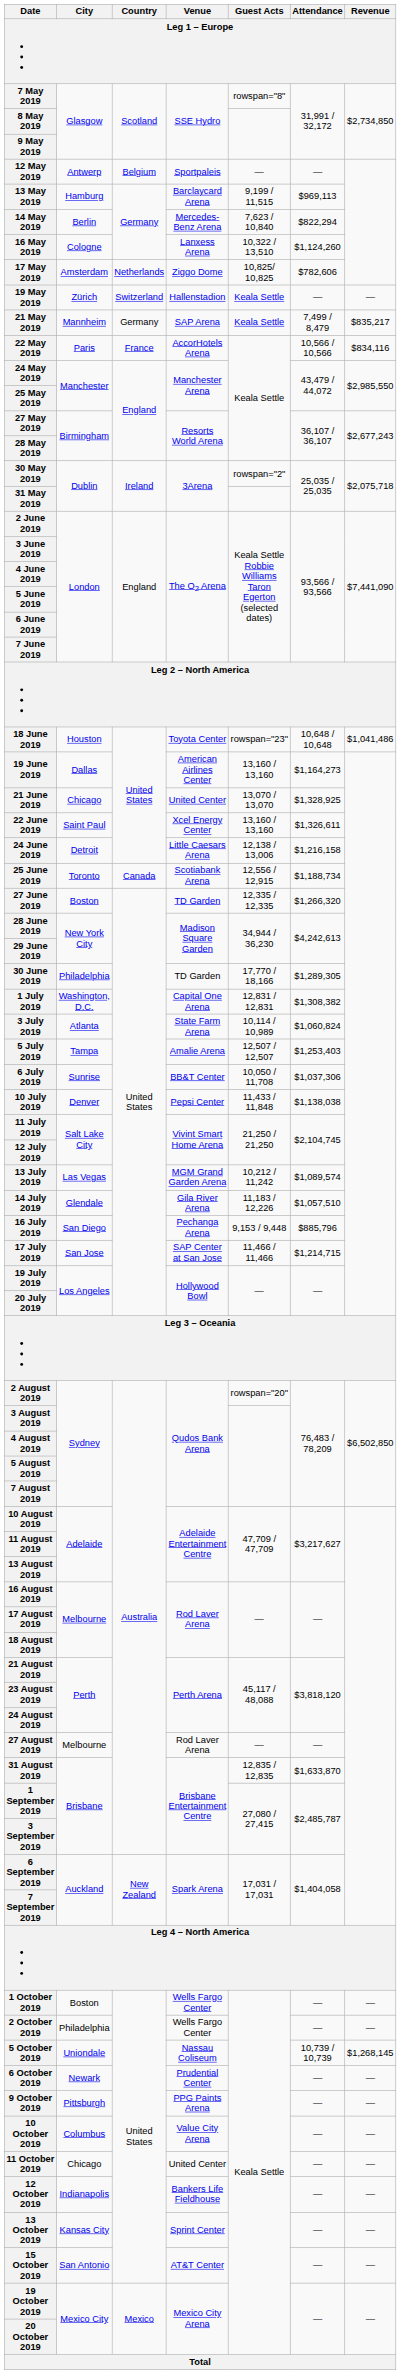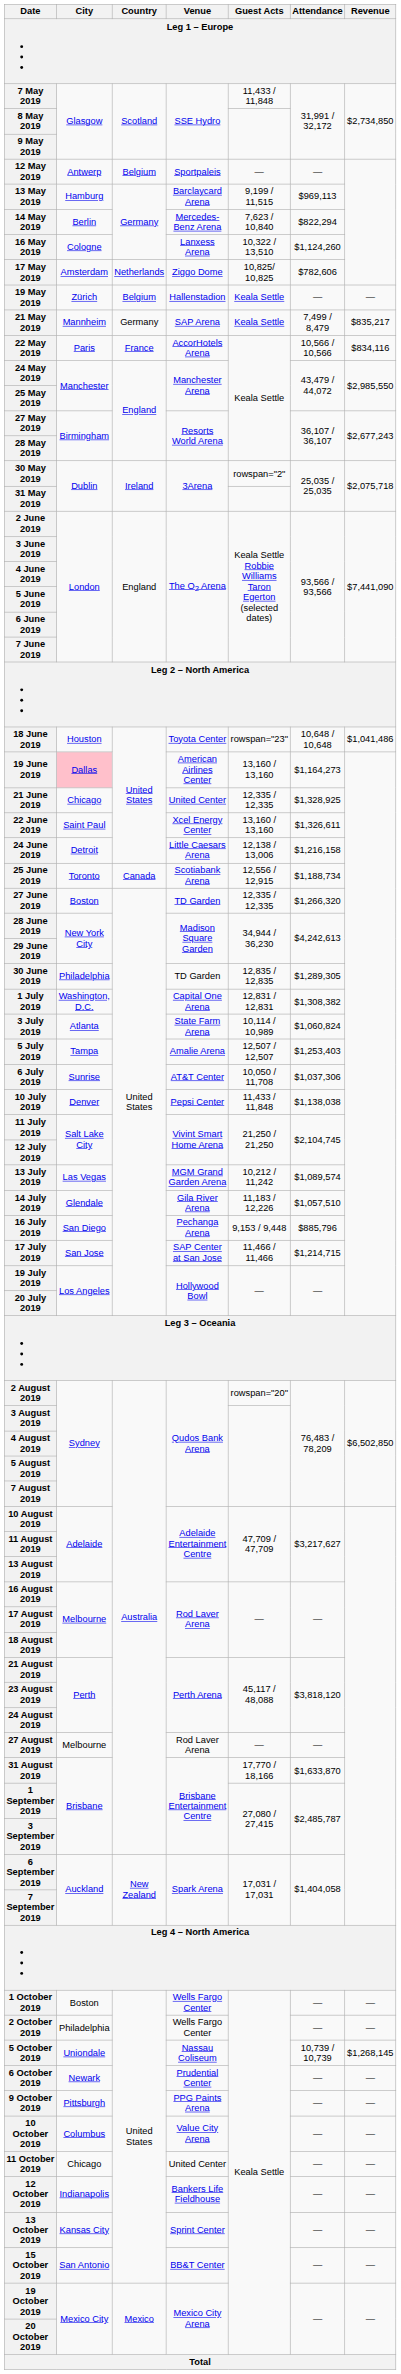 <table class="wikitable plainrowheaders" style="text-align:center;">
 <tr>
 <th scope="col" style="width:12em;">Date</th>
 <th scope="col" style="width:10em;">City</th>
 <th scope="col" style="width:10em;">Country</th>
 <th scope="col" style="width:16em;">Venue</th>
 <th scope="col" style="width:10em;">Guest Acts</th>
 <th scope="col" style="width:10em;">Attendance</th>
 <th scope="col" style="width:10em;">Revenue</th>
 </tr>
 <tr>
 <th colspan="7">Leg 1 – Europe<br><ul><li></li><li></li><li></li></ul></th>
 </tr>
 <tr>
 <th scope="row" style="text-align:center;">7 May 2019</th>
 <td rowspan="3"><a href='#'>Glasgow</a></td>
 <td rowspan="3"><a href='#'>Scotland</a></td>
 <td rowspan="3"><a href='#'>SSE Hydro</a></td>
-<td>rowspan="8" </td>
+<td>11,433 / 11,848</td>
 <td rowspan="3">31,991 / 32,172</td>
 <td rowspan="3">$2,734,850</td>
 </tr>
 <tr>
 <th scope="row" style="text-align:center;">8 May 2019</th>
 </tr>
 <tr>
 <th scope="row" style="text-align:center;">9 May 2019</th>
 </tr>
 <tr>
 <th scope="row" style="text-align:center;">12 May 2019</th>
 <td><a href='#'>Antwerp</a></td>
 <td><a href='#'>Belgium</a></td>
 <td><a href='#'>Sportpaleis</a></td>
 <td>—</td>
 <td>—</td>
 </tr>
 <tr>
 <th scope="row" style="text-align:center;">13 May 2019</th>
 <td><a href='#'>Hamburg</a></td>
 <td rowspan="3"><a href='#'>Germany</a></td>
 <td><a href='#'>Barclaycard Arena</a></td>
 <td>9,199 / 11,515</td>
 <td>$969,113</td>
 </tr>
 <tr>
 <th scope="row" style="text-align:center;">14 May 2019</th>
 <td><a href='#'>Berlin</a></td>
 <td><a href='#'>Mercedes-Benz Arena</a></td>
 <td>7,623 / 10,840</td>
 <td>$822,294</td>
 </tr>
 <tr>
 <th scope="row" style="text-align:center;">16 May 2019</th>
 <td><a href='#'>Cologne</a></td>
 <td><a href='#'>Lanxess Arena</a></td>
 <td>10,322 / 13,510</td>
 <td>$1,124,260</td>
 </tr>
 <tr>
 <th scope="row" style="text-align:center;">17 May 2019</th>
 <td><a href='#'>Amsterdam</a></td>
 <td><a href='#'>Netherlands</a></td>
 <td><a href='#'>Ziggo Dome</a></td>
 <td>10,825/ 10,825</td>
 <td>$782,606</td>
 </tr>
 <tr>
 <th scope="row" style="text-align:center;">19 May 2019</th>
 <td><a href='#'>Zürich</a></td>
-<td><a href='#'>Switzerland</a></td>
+<td><a href='#'>Belgium</a></td>
 <td><a href='#'>Hallenstadion</a></td>
 <td><a href='#'>Keala Settle</a></td>
 <td>—</td>
 <td>—</td>
 </tr>
 <tr>
 <th scope="row" style="text-align:center;">21 May 2019</th>
 <td><a href='#'>Mannheim</a></td>
 <td>Germany</td>
 <td><a href='#'>SAP Arena</a></td>
 <td><a href='#'>Keala Settle</a></td>
 <td>7,499 / 8,479</td>
 <td>$835,217</td>
 </tr>
 <tr>
 <th scope="row" style="text-align:center;">22 May 2019</th>
 <td><a href='#'>Paris</a></td>
 <td><a href='#'>France</a></td>
 <td><a href='#'>AccorHotels Arena</a></td>
 <td rowspan="5">Keala Settle</td>
 <td>10,566 / 10,566</td>
 <td>$834,116</td>
 </tr>
 <tr>
 <th scope="row" style="text-align:center;">24 May 2019</th>
 <td rowspan="2"><a href='#'>Manchester</a></td>
 <td rowspan="4"><a href='#'>England</a></td>
 <td rowspan="2"><a href='#'>Manchester Arena</a></td>
 <td rowspan="2">43,479 / 44,072</td>
 <td rowspan="2">$2,985,550</td>
 </tr>
 <tr>
 <th scope="row" style="text-align:center;">25 May 2019</th>
 </tr>
 <tr>
 <th scope="row" style="text-align:center;">27 May 2019</th>
 <td rowspan="2"><a href='#'>Birmingham</a></td>
 <td rowspan="2"><a href='#'>Resorts World Arena</a></td>
 <td rowspan="2">36,107 / 36,107</td>
 <td rowspan="2">$2,677,243</td>
 </tr>
 <tr>
 <th scope="row" style="text-align:center;">28 May 2019</th>
 </tr>
 <tr>
 <th scope="row" style="text-align:center;">30 May 2019</th>
 <td rowspan="2"><a href='#'>Dublin</a></td>
 <td rowspan="2"><a href='#'>Ireland</a></td>
 <td rowspan="2"><a href='#'>3Arena</a></td>
 <td>rowspan="2" </td>
 <td rowspan="2">25,035 / 25,035</td>
 <td rowspan="2">$2,075,718</td>
 </tr>
 <tr>
 <th scope="row" style="text-align:center;">31 May 2019</th>
 </tr>
 <tr>
 <th scope="row" style="text-align:center;">2 June 2019</th>
 <td rowspan="6"><a href='#'>London</a></td>
 <td rowspan="6">England</td>
 <td rowspan="6"><a href='#'>The O<sub>2</sub> Arena</a></td>
 <td rowspan="6">Keala Settle<br><a href='#'>Robbie Williams</a><br><a href='#'>Taron Egerton</a><br> (selected dates)</td>
 <td rowspan="6">93,566 / 93,566</td>
 <td rowspan="6">$7,441,090</td>
 </tr>
 <tr>
 <th scope="row" style="text-align:center;">3 June 2019</th>
 </tr>
 <tr>
 <th scope="row" style="text-align:center;">4 June 2019</th>
 </tr>
 <tr>
 <th scope="row" style="text-align:center;">5 June 2019</th>
 </tr>
 <tr>
 <th scope="row" style="text-align:center;">6 June 2019</th>
 </tr>
 <tr>
 <th scope="row" style="text-align:center;">7 June 2019</th>
 </tr>
 <tr>
 <th colspan="7">Leg 2 – North America<br><ul><li></li><li></li><li></li></ul></th>
 </tr>
 <tr>
 <th scope="row" style="text-align:center;">18 June 2019</th>
 <td><a href='#'>Houston</a></td>
 <td rowspan="5"><a href='#'>United States</a></td>
 <td><a href='#'>Toyota Center</a></td>
 <td>rowspan="23" </td>
 <td>10,648 / 10,648</td>
 <td>$1,041,486</td>
 </tr>
 <tr>
 <th scope="row" style="text-align:center;">19 June 2019</th>
-<td><a href='#'>Dallas</a></td>
+<td style="background: pink;"><a href='#'>Dallas</a></td>
 <td><a href='#'>American Airlines Center</a></td>
 <td>13,160 / 13,160</td>
 <td>$1,164,273</td>
 </tr>
 <tr>
 <th scope="row" style="text-align:center;">21 June 2019</th>
 <td><a href='#'>Chicago</a></td>
 <td><a href='#'>United Center</a></td>
-<td>13,070 / 13,070</td>
+<td>12,335 / 12,335</td>
 <td>$1,328,925</td>
 </tr>
 <tr>
 <th scope="row" style="text-align:center;">22 June 2019</th>
 <td><a href='#'>Saint Paul</a></td>
 <td><a href='#'>Xcel Energy Center</a></td>
 <td>13,160 / 13,160</td>
 <td>$1,326,611</td>
 </tr>
 <tr>
 <th scope="row" style="text-align:center;">24 June 2019</th>
 <td><a href='#'>Detroit</a></td>
 <td><a href='#'>Little Caesars Arena</a></td>
 <td>12,138 / 13,006</td>
 <td>$1,216,158</td>
 </tr>
 <tr>
 <th scope="row" style="text-align:center;">25 June 2019</th>
 <td><a href='#'>Toronto</a></td>
 <td><a href='#'>Canada</a></td>
 <td><a href='#'>Scotiabank Arena</a></td>
 <td>12,556 / 12,915</td>
 <td>$1,188,734</td>
 </tr>
 <tr>
 <th scope="row" style="text-align:center;">27 June 2019</th>
 <td><a href='#'>Boston</a></td>
 <td rowspan="17">United States</td>
 <td><a href='#'>TD Garden</a></td>
 <td>12,335 / 12,335</td>
 <td>$1,266,320</td>
 </tr>
 <tr>
 <th scope="row" style="text-align:center;">28 June 2019</th>
 <td rowspan="2"><a href='#'>New York City</a></td>
 <td rowspan="2"><a href='#'>Madison Square Garden</a></td>
 <td rowspan="2">34,944 / 36,230</td>
 <td rowspan="2">$4,242,613</td>
 </tr>
 <tr>
 <th scope="row" style="text-align:center;">29 June 2019</th>
 </tr>
 <tr>
 <th scope="row" style="text-align:center;">30 June 2019</th>
 <td><a href='#'>Philadelphia</a></td>
 <td>TD Garden</td>
-<td rowspan="1">17,770 / 18,166</td>
+<td>12,835 / 12,835</td>
 <td>$1,289,305</td>
 </tr>
 <tr>
 <th scope="row" style="text-align:center;">1 July 2019</th>
 <td><a href='#'>Washington, D.C.</a></td>
 <td><a href='#'>Capital One Arena</a></td>
 <td>12,831 / 12,831</td>
 <td>$1,308,382</td>
 </tr>
 <tr>
 <th scope="row" style="text-align:center;">3 July 2019</th>
 <td><a href='#'>Atlanta</a></td>
 <td><a href='#'>State Farm Arena</a></td>
 <td>10,114 / 10,989</td>
 <td>$1,060,824</td>
 </tr>
 <tr>
 <th scope="row" style="text-align:center;">5 July 2019</th>
 <td><a href='#'>Tampa</a></td>
 <td><a href='#'>Amalie Arena</a></td>
 <td>12,507 / 12,507</td>
 <td>$1,253,403</td>
 </tr>
 <tr>
 <th scope="row" style="text-align:center;">6 July 2019</th>
 <td><a href='#'>Sunrise</a></td>
-<td><a href='#'>BB&T Center</a></td>
+<td><a href='#'>AT&T Center</a></td>
 <td>10,050 / 11,708</td>
 <td>$1,037,306</td>
 </tr>
 <tr>
 <th scope="row" style="text-align:center;">10 July 2019</th>
 <td><a href='#'>Denver</a></td>
 <td><a href='#'>Pepsi Center</a></td>
 <td>11,433 / 11,848</td>
 <td>$1,138,038</td>
 </tr>
 <tr>
 <th scope="row" style="text-align:center;">11 July 2019</th>
 <td rowspan="2"><a href='#'>Salt Lake City</a></td>
 <td rowspan="2"><a href='#'>Vivint Smart Home Arena</a></td>
 <td rowspan="2">21,250 / 21,250</td>
 <td rowspan="2">$2,104,745</td>
 </tr>
 <tr>
 <th scope="row" style="text-align:center;">12 July 2019</th>
 </tr>
 <tr>
 <th scope="row" style="text-align:center;">13 July 2019</th>
 <td><a href='#'>Las Vegas</a></td>
 <td><a href='#'>MGM Grand Garden Arena</a></td>
 <td>10,212 / 11,242</td>
 <td>$1,089,574</td>
 </tr>
 <tr>
 <th scope="row" style="text-align:center;">14 July 2019</th>
 <td><a href='#'>Glendale</a></td>
 <td><a href='#'>Gila River Arena</a></td>
 <td>11,183 / 12,226</td>
 <td>$1,057,510</td>
 </tr>
 <tr>
 <th scope="row" style="text-align:center;">16 July 2019</th>
 <td><a href='#'>San Diego</a></td>
 <td><a href='#'>Pechanga Arena</a></td>
 <td>9,153 / 9,448</td>
 <td>$885,796</td>
 </tr>
 <tr>
 <th scope="row" style="text-align:center;">17 July 2019</th>
 <td><a href='#'>San Jose</a></td>
 <td><a href='#'>SAP Center at San Jose</a></td>
 <td>11,466 / 11,466</td>
 <td>$1,214,715</td>
 </tr>
 <tr>
 <th scope="row" style="text-align:center;">19 July 2019</th>
 <td rowspan="2"><a href='#'>Los Angeles</a></td>
 <td rowspan="2"><a href='#'>Hollywood Bowl</a></td>
 <td rowspan="2">—</td>
 <td rowspan="2">—</td>
 </tr>
 <tr>
 <th scope="row" style="text-align:center;">20 July 2019</th>
 </tr>
 <tr>
 <th colspan="7">Leg 3 – Oceania<br><ul><li></li><li></li><li></li></ul></th>
 </tr>
 <tr>
 <th scope="row" style="text-align:center;">2 August 2019</th>
 <td rowspan="5"><a href='#'>Sydney</a></td>
 <td rowspan="18"><a href='#'>Australia</a></td>
 <td rowspan="5"><a href='#'>Qudos Bank Arena</a></td>
 <td>rowspan="20" </td>
 <td rowspan="5">76,483 / 78,209</td>
 <td rowspan="5">$6,502,850</td>
 </tr>
 <tr>
 <th scope="row" style="text-align:center;">3 August 2019 </th>
 </tr>
 <tr>
 <th scope="row" style="text-align:center;">4 August 2019</th>
 </tr>
 <tr>
 <th scope="row" style="text-align:center;">5 August 2019</th>
 </tr>
 <tr>
 <th scope="row" style="text-align:center;">7 August 2019</th>
 </tr>
 <tr>
 <th scope="row" style="text-align:center;">10 August 2019  </th>
 <td rowspan="3"><a href='#'>Adelaide</a></td>
 <td rowspan="3"><a href='#'>Adelaide Entertainment Centre</a></td>
 <td rowspan="3">47,709 /  47,709</td>
 <td rowspan="3">$3,217,627</td>
 </tr>
 <tr>
 <th scope="row" style="text-align:center;">11 August 2019 </th>
 </tr>
 <tr>
 <th scope="row" style="text-align:center;">13 August 2019</th>
 </tr>
 <tr>
 <th scope="row" style="text-align:center;">16 August 2019</th>
 <td rowspan="3"><a href='#'>Melbourne</a></td>
 <td rowspan="3"><a href='#'>Rod Laver Arena</a></td>
 <td rowspan="3">—</td>
 <td rowspan="3">—</td>
 </tr>
 <tr>
 <th scope="row" style="text-align:center;">17 August 2019 </th>
 </tr>
 <tr>
 <th scope="row" style="text-align:center;">18 August 2019 </th>
 </tr>
 <tr>
 <th scope="row" style="text-align:center;">21 August 2019</th>
 <td rowspan="3"><a href='#'>Perth</a></td>
 <td rowspan="3"><a href='#'>Perth Arena</a></td>
 <td rowspan="3">45,117 / 48,088</td>
 <td rowspan="3">$3,818,120</td>
 </tr>
 <tr>
 <th scope="row" style="text-align:center;">23 August 2019</th>
 </tr>
 <tr>
 <th scope="row" style="text-align:center;">24 August 2019 </th>
 </tr>
 <tr>
 <th scope="row" style="text-align:center;">27 August 2019</th>
 <td rowspan="1">Melbourne</td>
 <td rowspan="1">Rod Laver Arena</td>
 <td rowspan="1">—</td>
 <td rowspan="1">—</td>
 </tr>
 <tr>
 <th scope="row" style="text-align:center;">31 August 2019 </th>
 <td rowspan="3"><a href='#'>Brisbane</a></td>
 <td rowspan="3"><a href='#'>Brisbane Entertainment Centre</a></td>
-<td>12,835 / 12,835</td>
+<td rowspan="1">17,770 / 18,166</td>
 <td rowspan="1">$1,633,870</td>
 </tr>
 <tr>
 <th scope="row" style="text-align:center;">1 September 2019 </th>
 <td rowspan="2">27,080 / 27,415</td>
 <td rowspan="2">$2,485,787</td>
 </tr>
 <tr>
 <th scope="row" style="text-align:center;">3 September 2019</th>
 </tr>
 <tr>
 <th scope="row" style="text-align:center;">6 September 2019</th>
 <td rowspan="2"><a href='#'>Auckland</a></td>
 <td rowspan="2"><a href='#'>New Zealand</a></td>
 <td rowspan="2"><a href='#'>Spark Arena</a></td>
 <td rowspan="2">17,031 / 17,031</td>
 <td rowspan="2">$1,404,058</td>
 </tr>
 <tr>
 <th scope="row" style="text-align:center;">7 September 2019</th>
 </tr>
 <tr>
 <th colspan="7">Leg 4 – North America<br><ul><li></li><li></li><li></li></ul></th>
 </tr>
 <tr>
 <th scope="row" style="text-align:center;">1 October 2019</th>
 <td>Boston</td>
 <td rowspan="10">United States</td>
 <td><a href='#'>Wells Fargo Center</a></td>
 <td rowspan="12">Keala Settle</td>
 <td>—</td>
 <td>—</td>
 </tr>
 <tr>
 <th scope="row" style="text-align:center;">2 October 2019</th>
 <td>Philadelphia</td>
 <td>Wells Fargo Center</td>
 <td>—</td>
 <td>—</td>
 </tr>
 <tr>
 <th scope="row" style="text-align:center;">5 October 2019</th>
 <td><a href='#'>Uniondale</a></td>
 <td><a href='#'>Nassau Coliseum</a></td>
 <td>10,739 / 10,739</td>
 <td>$1,268,145</td>
 </tr>
 <tr>
 <th scope="row" style="text-align:center;">6 October 2019</th>
 <td><a href='#'>Newark</a></td>
 <td><a href='#'>Prudential Center</a></td>
 <td>—</td>
 <td>—</td>
 </tr>
 <tr>
 <th scope="row" style="text-align:center;">9 October 2019</th>
 <td><a href='#'>Pittsburgh</a></td>
 <td><a href='#'>PPG Paints Arena</a></td>
 <td>—</td>
 <td>—</td>
 </tr>
 <tr>
 <th scope="row" style="text-align:center;">10 October 2019</th>
 <td><a href='#'>Columbus</a></td>
 <td><a href='#'>Value City Arena</a></td>
 <td>—</td>
 <td>—</td>
 </tr>
 <tr>
 <th scope="row" style="text-align:center;">11 October 2019</th>
 <td>Chicago</td>
 <td>United Center</td>
 <td>—</td>
 <td>—</td>
 </tr>
 <tr>
 <th scope="row" style="text-align:center;">12 October 2019</th>
 <td><a href='#'>Indianapolis</a></td>
 <td><a href='#'>Bankers Life Fieldhouse</a></td>
 <td>—</td>
 <td>—</td>
 </tr>
 <tr>
 <th scope="row" style="text-align:center;">13 October 2019</th>
 <td><a href='#'>Kansas City</a></td>
 <td><a href='#'>Sprint Center</a></td>
 <td>—</td>
 <td>—</td>
 </tr>
 <tr>
 <th scope="row" style="text-align:center;">15 October 2019</th>
 <td><a href='#'>San Antonio</a></td>
-<td><a href='#'>AT&T Center</a></td>
+<td><a href='#'>BB&T Center</a></td>
 <td>—</td>
 <td>—</td>
 </tr>
 <tr>
 <th scope="row" style="text-align:center;">19 October 2019</th>
 <td rowspan="2"><a href='#'>Mexico City</a></td>
 <td rowspan="2"><a href='#'>Mexico</a></td>
 <td rowspan="2"><a href='#'>Mexico City Arena</a></td>
 <td rowspan="2">—</td>
 <td rowspan="2">—</td>
 </tr>
 <tr>
 <th scope="row" style="text-align:center;">20 October 2019</th>
 </tr>
 <tr>
 <th colspan="7">Total</th>
 </tr>
 </table>
